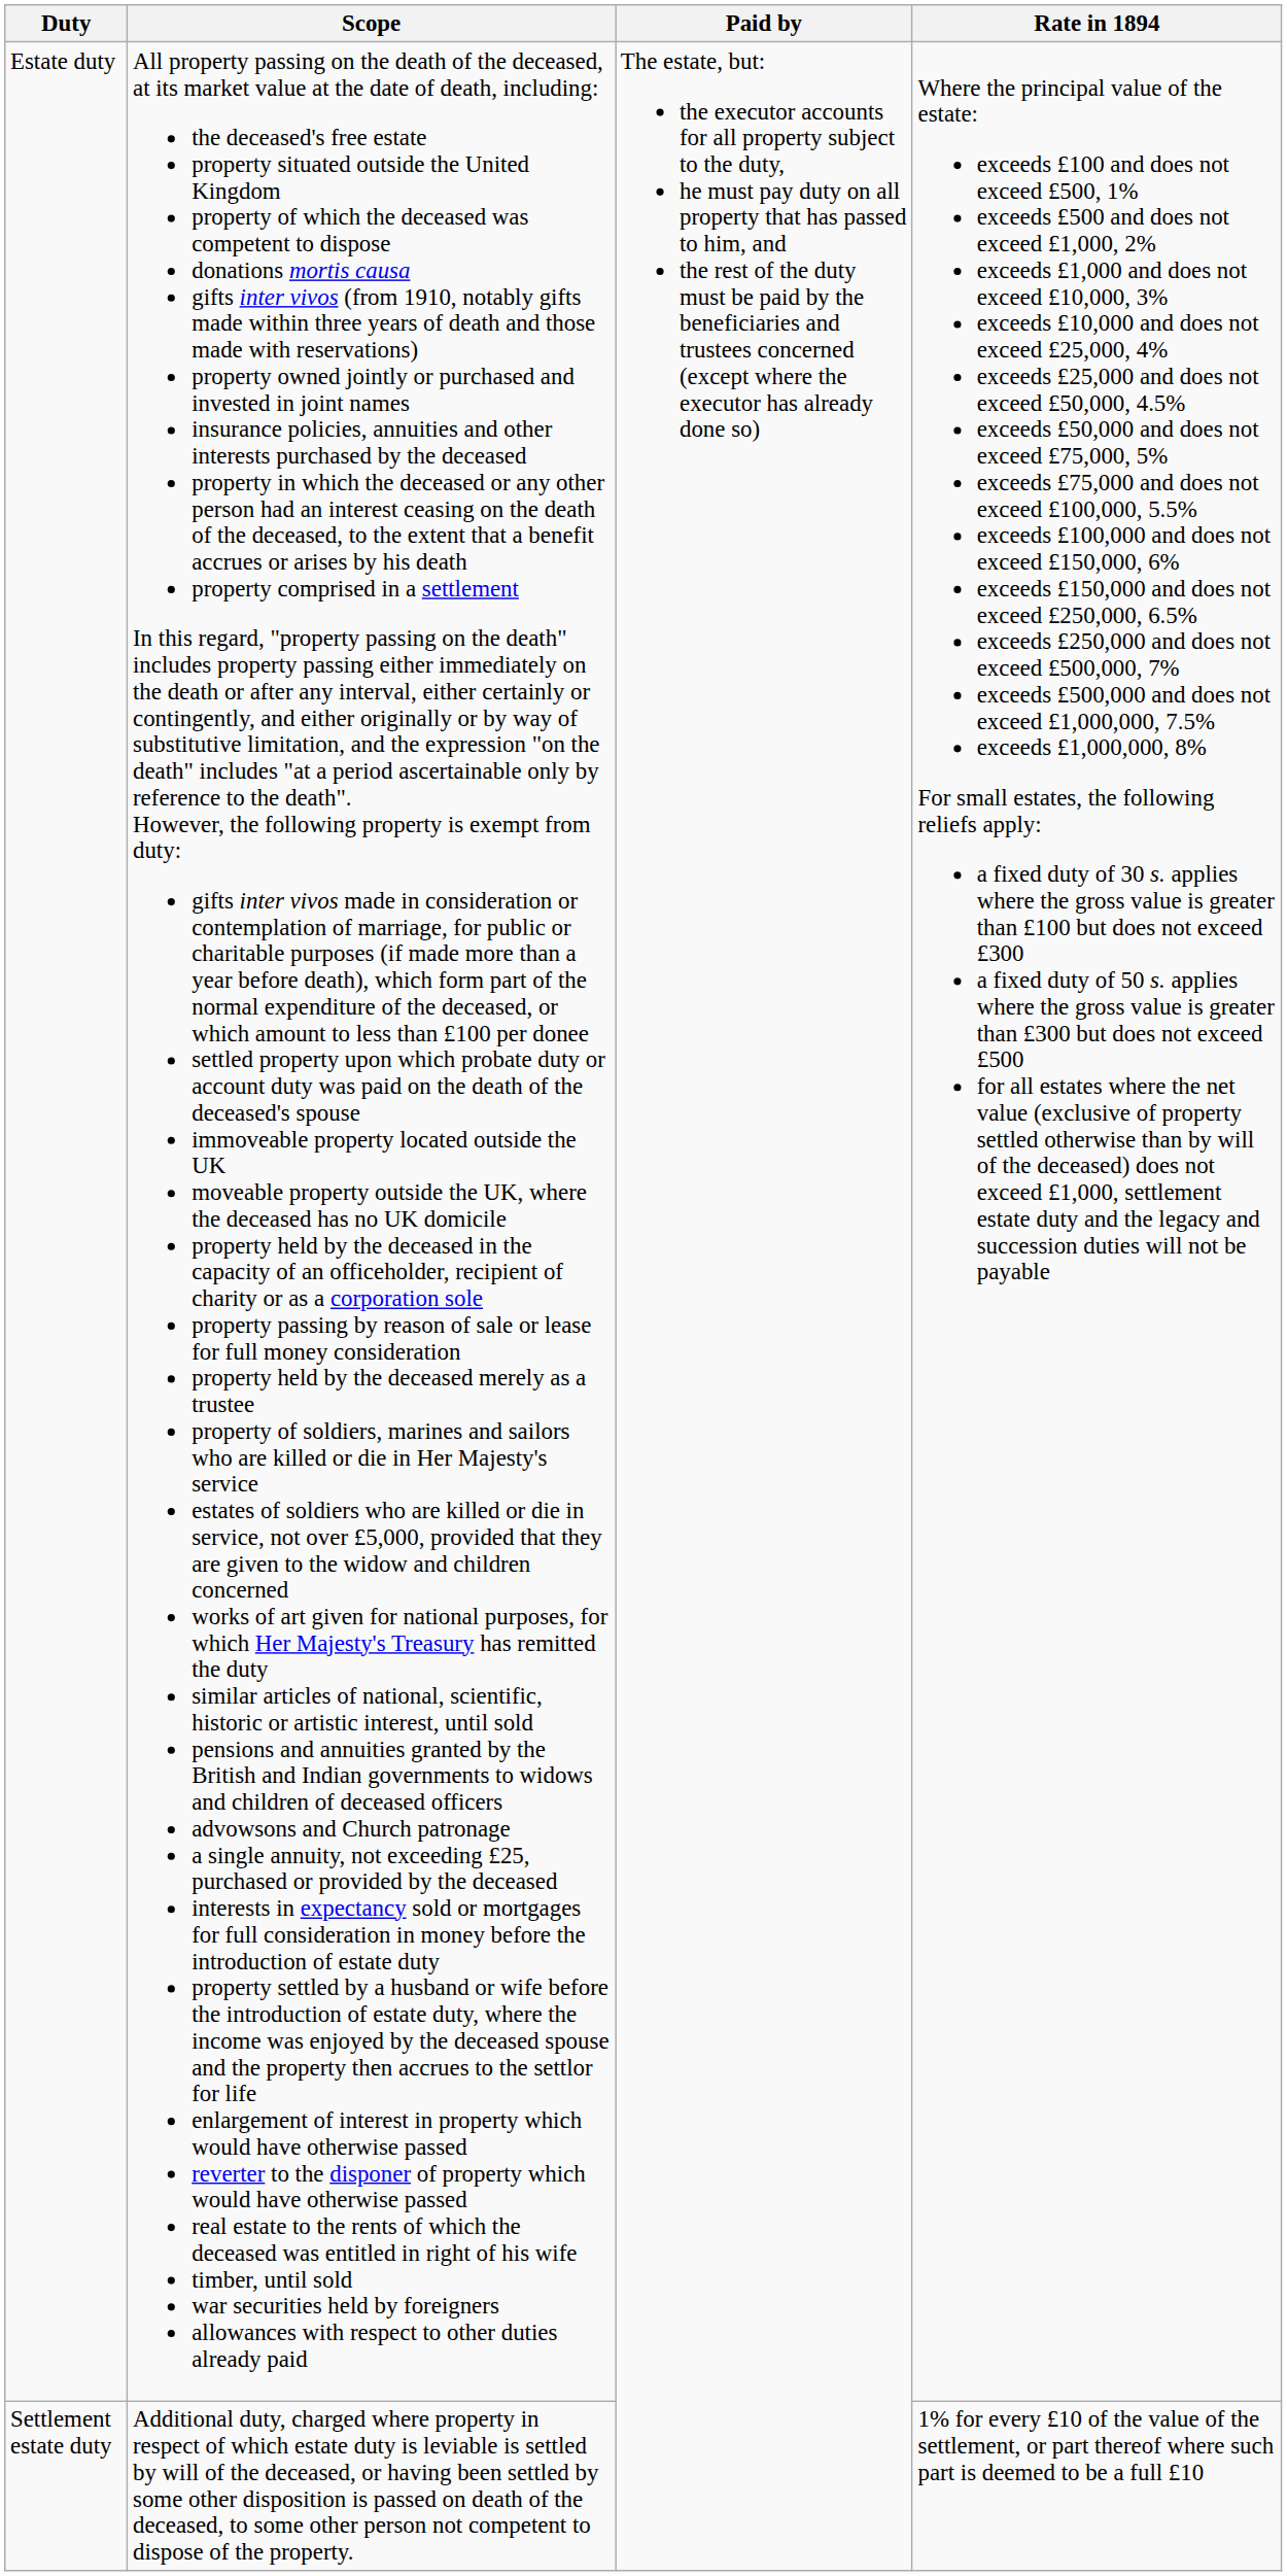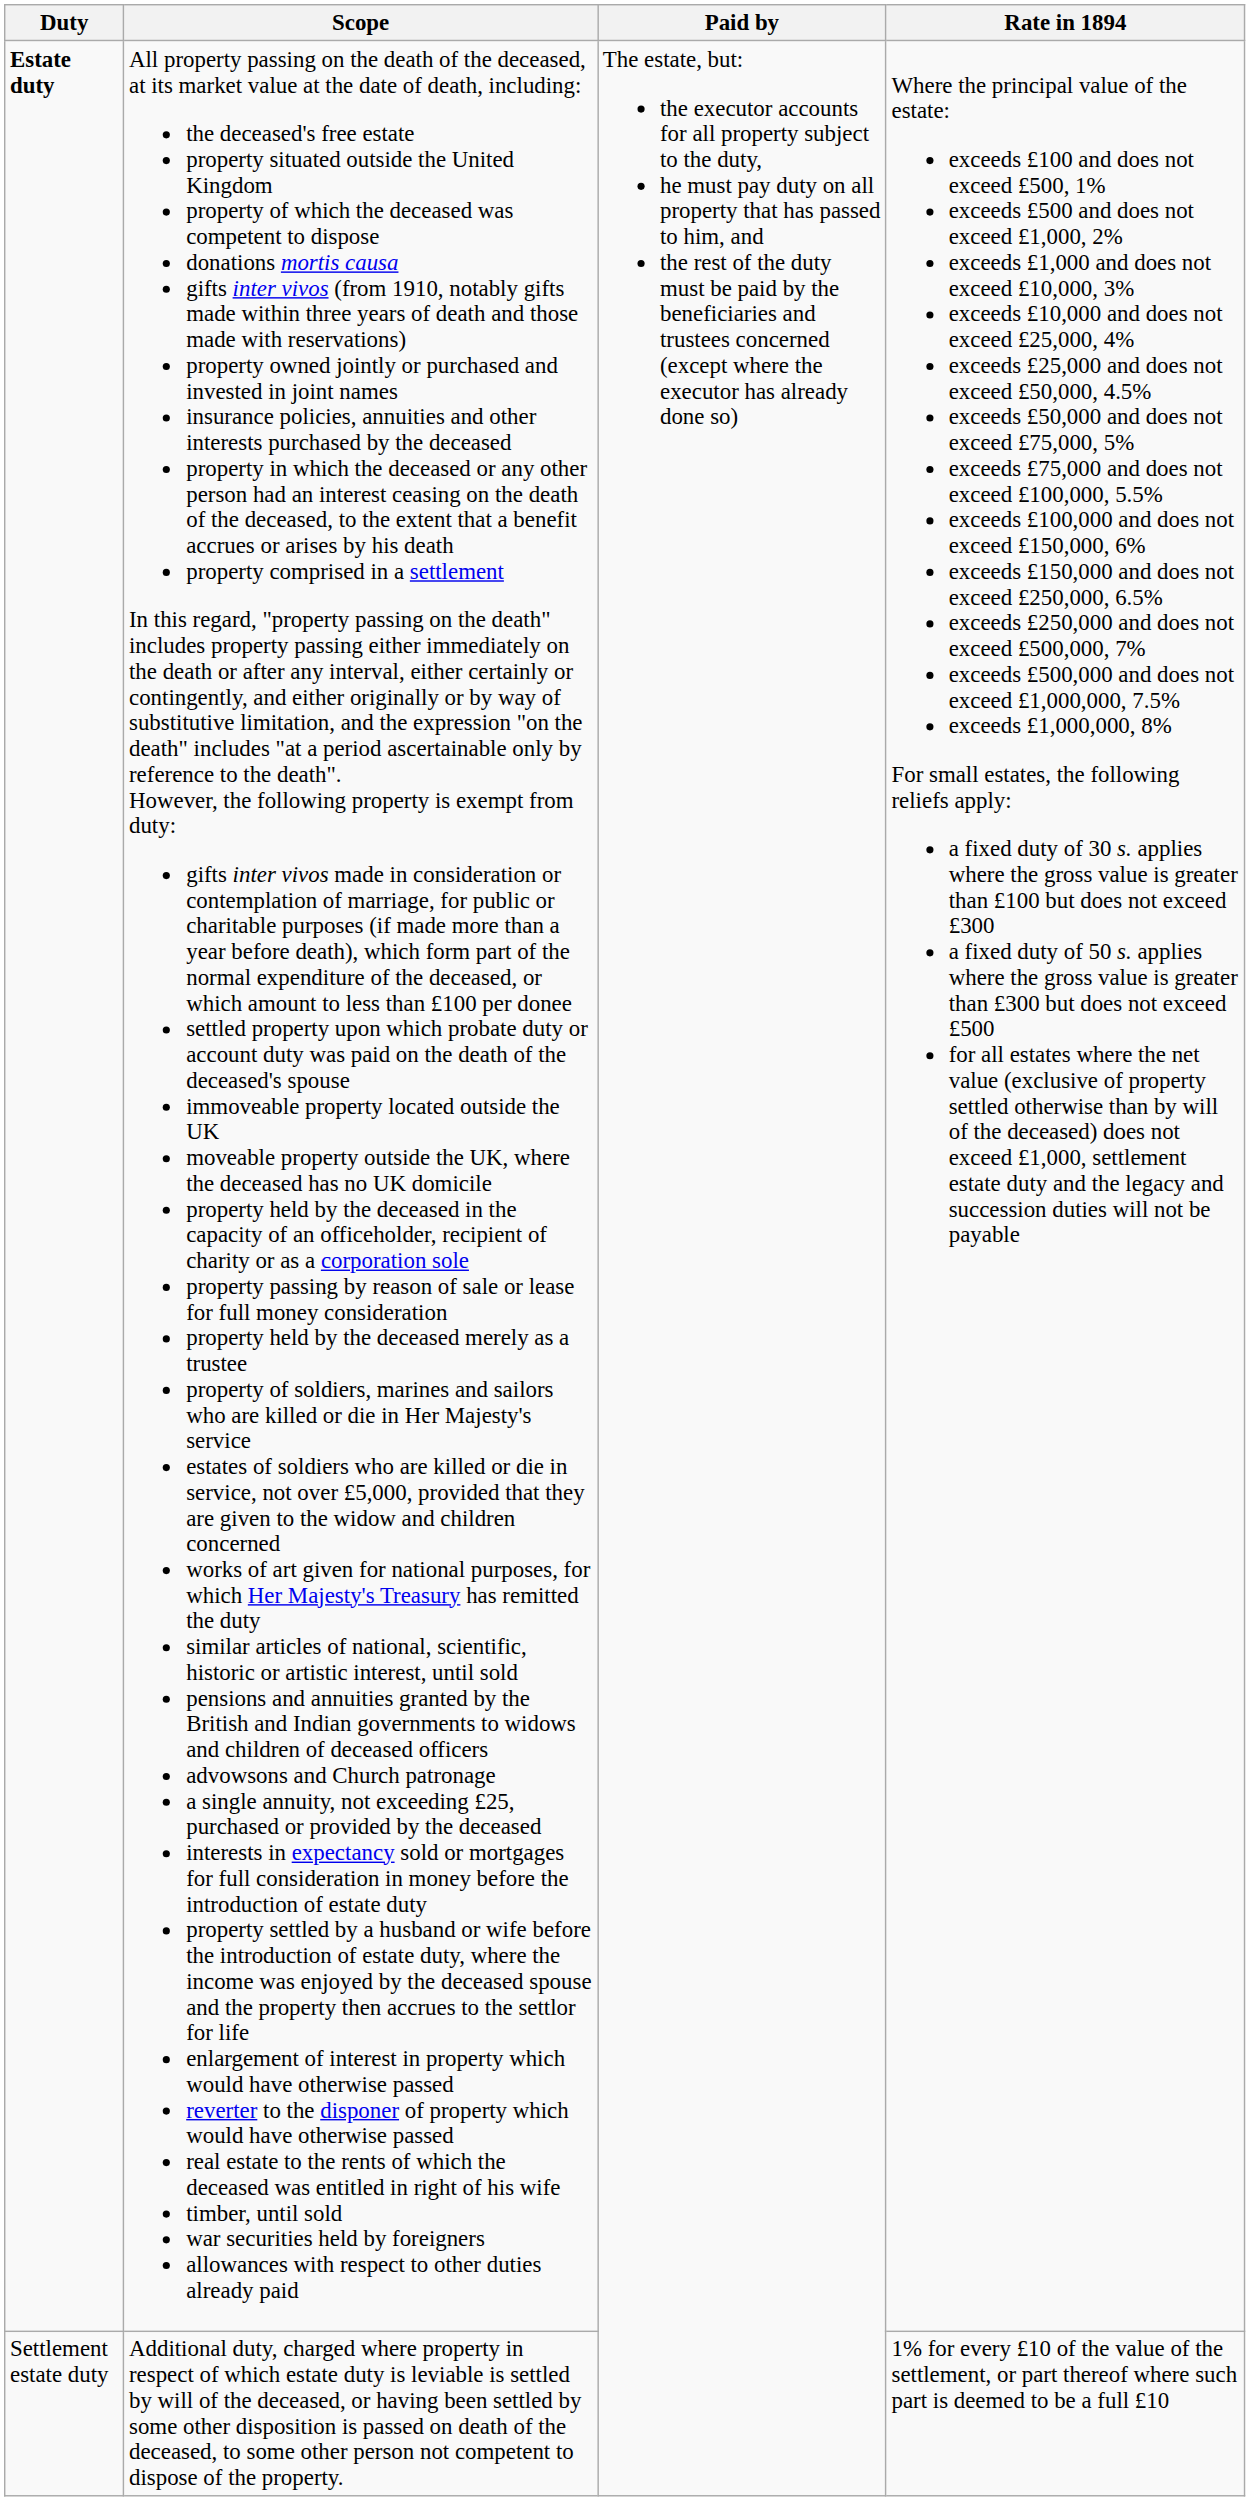 <table class="wikitable">
 <tr>
 <th>Duty</th>
 <th>Scope</th>
 <th>Paid by</th>
 <th>Rate in 1894</th>
 </tr>
 <tr valign="top">
-<td>Estate duty</td>
+<td><strong>Estate duty</strong></td>
 <td>All property passing on the death of the deceased, at its market value at the date of death, including:<br><ul><li>the deceased's free estate</li><li>property situated outside the United Kingdom</li><li>property of which the deceased was competent to dispose</li><li>donations <em><a href='#'>mortis causa</a></em></li><li>gifts <em><a href='#'>inter vivos</a></em> (from 1910, notably gifts made within three years of death and those made with reservations)</li><li>property owned jointly or purchased and invested in joint names</li><li>insurance policies, annuities and other interests purchased by the deceased</li><li>property in which the deceased or any other person had an interest ceasing on the death of the deceased, to the extent that a benefit accrues or arises by his death</li><li>property comprised in a <a href='#'>settlement</a></li></ul>In this regard, "property passing on the death" includes property passing either immediately on the death or after any interval, either certainly or contingently, and either originally or by way of substitutive limitation, and the expression "on the death" includes "at a period ascertainable only by reference to the death".<br>However, the following property is exempt from duty:<ul><li>gifts <em>inter vivos</em> made in consideration or contemplation of marriage, for public or charitable purposes (if made more than a year before death), which form part of the normal expenditure of the deceased, or which amount to less than £100 per donee</li><li>settled property upon which probate duty or account duty was paid on the death of the deceased's spouse</li><li>immoveable property located outside the UK</li><li>moveable property outside the UK, where the deceased has no UK domicile</li><li>property held by the deceased in the capacity of an officeholder, recipient of charity or as a <a href='#'>corporation sole</a></li><li>property passing by reason of sale or lease for full money consideration</li><li>property held by the deceased merely as a trustee</li><li>property of soldiers, marines and sailors who are killed or die in Her Majesty's service</li><li>estates of soldiers who are killed or die in service, not over £5,000, provided that they are given to the widow and children concerned</li><li>works of art given for national purposes, for which <a href='#'>Her Majesty's Treasury</a> has remitted the duty</li><li>similar articles of national, scientific, historic or artistic interest, until sold</li><li>pensions and annuities granted by the British and Indian governments to widows and children of deceased officers</li><li>advowsons and Church patronage</li><li>a single annuity, not exceeding £25, purchased or provided by the deceased</li><li>interests in <a href='#'>expectancy</a> sold or mortgages for full consideration in money before the introduction of estate duty</li><li>property settled by a husband or wife before the introduction of estate duty, where the income was enjoyed by the deceased spouse and the property then accrues to the settlor for life</li><li>enlargement of interest in property which would have otherwise passed</li><li><a href='#'>reverter</a> to the <a href='#'>disponer</a> of property which would have otherwise passed</li><li>real estate to the rents of which the deceased was entitled in right of his wife</li><li>timber, until sold</li><li>war securities held by foreigners</li><li>allowances with respect to other duties already paid</li></ul></td>
 <td rowspan="2">The estate, but:<br><ul><li>the executor accounts for all property subject to the duty,</li><li>he must pay duty on all property that has passed to him, and</li><li>the rest of the duty must be paid by the beneficiaries and trustees concerned (except where the executor has already done so)</li></ul></td>
 <td><br>Where the principal value of the estate:<ul><li>exceeds £100 and does not exceed £500, 1%</li><li>exceeds £500 and does not exceed £1,000, 2%</li><li>exceeds £1,000 and does not exceed £10,000, 3%</li><li>exceeds £10,000 and does not exceed £25,000, 4%</li><li>exceeds £25,000 and does not exceed £50,000, 4.5%</li><li>exceeds £50,000 and does not exceed £75,000, 5%</li><li>exceeds £75,000 and does not exceed £100,000, 5.5%</li><li>exceeds £100,000 and does not exceed £150,000, 6%</li><li>exceeds £150,000 and does not exceed £250,000, 6.5%</li><li>exceeds £250,000 and does not exceed £500,000, 7%</li><li>exceeds £500,000 and does not exceed £1,000,000, 7.5%</li><li>exceeds £1,000,000, 8%</li></ul>For small estates, the following reliefs apply:<ul><li>a fixed duty of 30 <em>s.</em> applies where the gross value is greater than £100 but does not exceed £300</li><li>a fixed duty of 50 <em>s.</em> applies where the gross value is greater than £300 but does not exceed £500</li><li>for all estates where the net value (exclusive of property settled otherwise than by will of the deceased) does not exceed £1,000, settlement estate duty and the legacy and succession duties will not be payable</li></ul></td>
 </tr>
 <tr valign="top">
 <td>Settlement estate duty</td>
 <td>Additional duty, charged where property in respect of which estate duty is leviable is settled by will of the deceased, or having been settled by some other disposition is passed on death of the deceased, to some other person not competent to dispose of the property.</td>
 <td>1% for every £10 of the value of the settlement, or part thereof where such part is deemed to be a full £10</td>
 </tr>
 </table>
